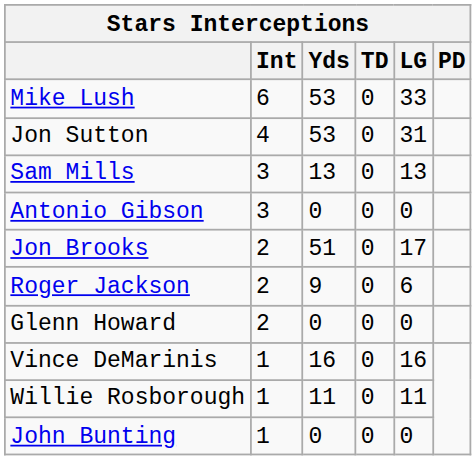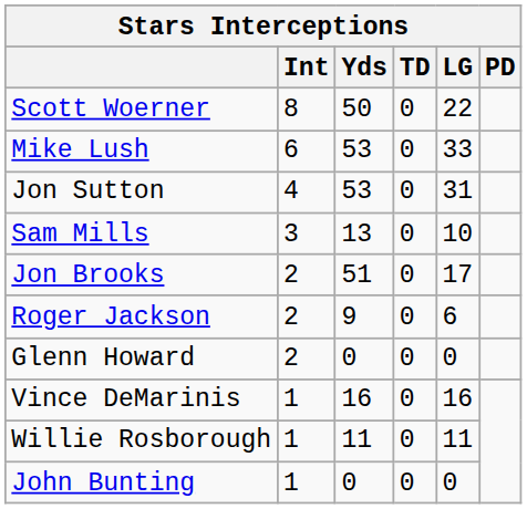 <table class="wikitable">
 <tr>
 <th colspan="6">Stars Interceptions</th>
 </tr>
 <tr>
 <th></th>
 <th>Int</th>
 <th>Yds</th>
 <th>TD</th>
 <th>LG</th>
 <th>PD</th>
+</tr>
+<tr>
+<td><a href='#'>Scott Woerner</a></td>
+<td>8</td>
+<td>50</td>
+<td>0</td>
+<td>22</td>
+<td></td>
 </tr>
 <tr>
 <td><a href='#'>Mike Lush</a></td>
 <td>6</td>
 <td>53</td>
 <td>0</td>
 <td>33</td>
 <td></td>
 </tr>
 <tr>
 <td>Jon Sutton</td>
 <td>4</td>
 <td>53</td>
 <td>0</td>
 <td>31</td>
 <td></td>
 </tr>
 <tr>
 <td><a href='#'>Sam Mills</a></td>
 <td>3</td>
 <td>13</td>
 <td>0</td>
-<td>13</td>
-<td></td>
-</tr>
-<tr>
-<td><a href='#'>Antonio Gibson</a></td>
-<td>3</td>
-<td>0</td>
-<td>0</td>
-<td>0</td>
+<td>10</td>
 <td></td>
 </tr>
 <tr>
 <td><a href='#'>Jon Brooks</a></td>
 <td>2</td>
 <td>51</td>
 <td>0</td>
 <td>17</td>
 <td></td>
 </tr>
 <tr>
 <td><a href='#'>Roger Jackson</a></td>
 <td>2</td>
 <td>9</td>
 <td>0</td>
 <td>6</td>
 <td></td>
 </tr>
 <tr>
 <td>Glenn Howard</td>
 <td>2</td>
 <td>0</td>
 <td>0</td>
 <td>0</td>
 <td></td>
 </tr>
 <tr>
 <td>Vince DeMarinis</td>
 <td>1</td>
 <td>16</td>
 <td>0</td>
 <td>16</td>
 </tr>
 <tr>
 <td>Willie Rosborough</td>
 <td>1</td>
 <td>11</td>
 <td>0</td>
 <td>11</td>
 </tr>
 <tr>
 <td><a href='#'>John Bunting</a></td>
 <td>1</td>
 <td>0</td>
 <td>0</td>
 <td>0</td>
 </tr>
 </table>
